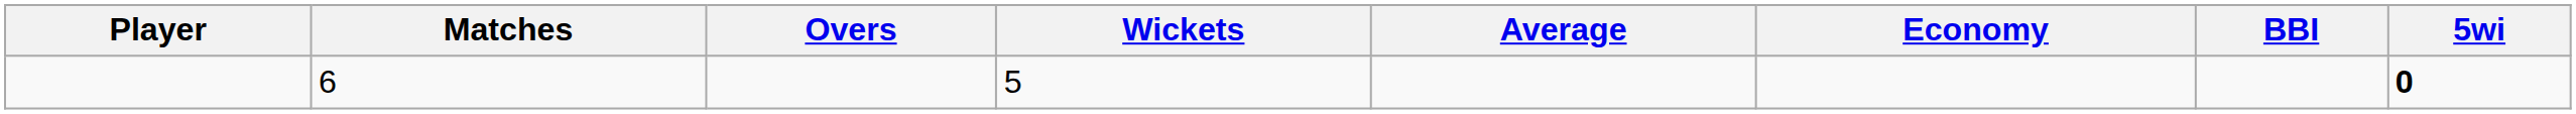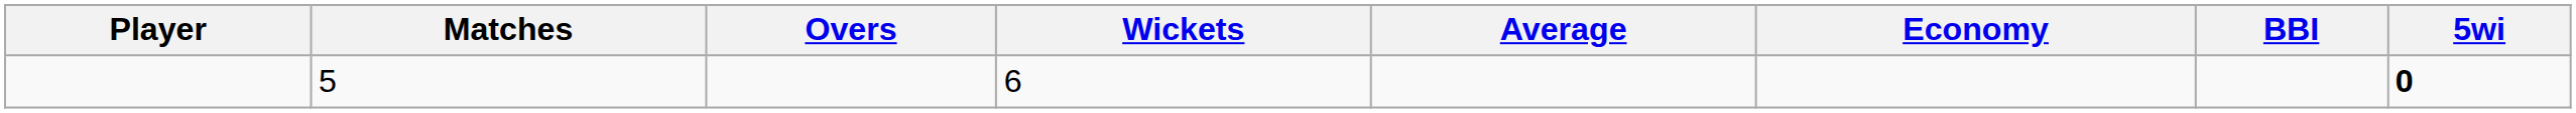 <table class="wikitable sortable" style="width:80%;">
 <tr>
 <th>Player</th>
 <th>Matches</th>
 <th><a href='#'>Overs</a></th>
 <th><a href='#'>Wickets</a></th>
 <th><a href='#'>Average</a></th>
 <th><a href='#'>Economy</a></th>
 <th><a href='#'>BBI</a></th>
 <th><a href='#'>5wi</a></th>
 </tr>
 <tr>
 <td></td>
+<td>5</td>
+<td></td>
 <td>6</td>
-<td></td>
-<td>5</td>
 <td></td>
 <td></td>
 <td></td>
 <td><strong>0</strong></td>
 </tr>
 </table>
